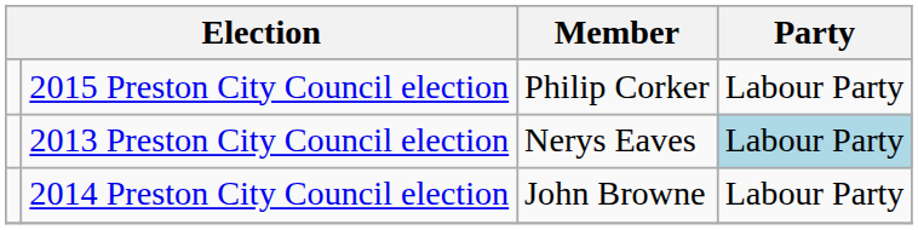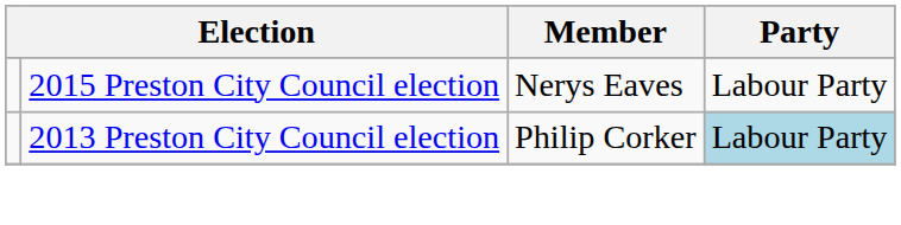 <table class="wikitable">
 <tr>
 <th colspan="2">Election</th>
 <th>Member</th>
 <th>Party</th>
 </tr>
 <tr>
 <td style="background-color: "></td>
 <td><a href='#'>2015 Preston City Council election</a></td>
-<td>Philip Corker</td>
+<td>Nerys Eaves</td>
 <td>Labour Party</td>
 </tr>
 <tr>
 <td style="background-color: "></td>
 <td><a href='#'>2013 Preston City Council election</a></td>
-<td>Nerys Eaves</td>
+<td>Philip Corker</td>
 <td style="background: lightblue;">Labour Party</td>
-</tr>
-<tr>
-<td style="background-color: "></td>
-<td><a href='#'>2014 Preston City Council election</a></td>
-<td>John Browne</td>
-<td>Labour Party</td>
 </tr>
 <tr>
 </tr>
 </table>
